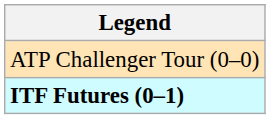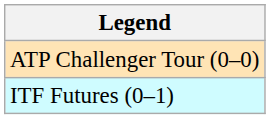 <table class="wikitable">
 <tr>
 <th>Legend</th>
 </tr>
 <tr style="background:moccasin;">
 <td>ATP Challenger Tour (0–0)</td>
 </tr>
 <tr style="background:#cffcff;">
-<td><strong>ITF Futures (0–1)</strong></td>
+<td>ITF Futures (0–1)</td>
 </tr>
 </table>
